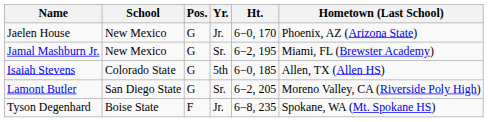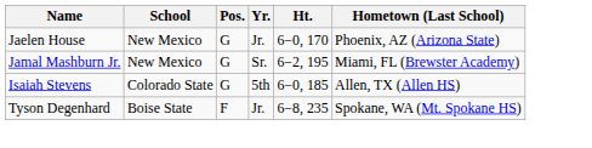 <table class="wikitable">
 <tr>
 <th>Name</th>
 <th>School</th>
 <th>Pos.</th>
 <th>Yr.</th>
 <th>Ht.</th>
 <th>Hometown (Last School)</th>
 </tr>
 <tr>
 <td>Jaelen House</td>
 <td ! style=>New Mexico</td>
 <td>G</td>
 <td>Jr.</td>
 <td>6−0, 170</td>
 <td>Phoenix, AZ (<a href='#'>Arizona State</a>)</td>
 </tr>
 <tr>
 <td><a href='#'>Jamal Mashburn Jr.</a></td>
 <td>New Mexico</td>
 <td>G</td>
 <td>Sr.</td>
 <td>6−2, 195</td>
 <td>Miami, FL (<a href='#'>Brewster Academy</a>)</td>
 </tr>
 <tr>
 <td><a href='#'>Isaiah Stevens</a></td>
 <td>Colorado State</td>
 <td>G</td>
 <td>5th</td>
 <td>6−0, 185</td>
 <td>Allen, TX (<a href='#'>Allen HS</a>)</td>
 </tr>
 <tr>
-<td><a href='#'>Lamont Butler</a></td>
-<td>San Diego State</td>
-<td>G</td>
-<td>Sr.</td>
-<td>6−2, 205</td>
-<td>Moreno Valley, CA (<a href='#'>Riverside Poly High</a>)</td>
-</tr>
-<tr>
 <td>Tyson Degenhard</td>
 <td>Boise State</td>
 <td>F</td>
 <td>Jr.</td>
 <td>6−8, 235</td>
 <td>Spokane, WA (<a href='#'>Mt. Spokane HS</a>)</td>
 </tr>
 </table>
